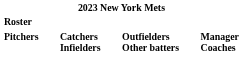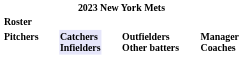 <table class="toccolours" style="font-size: 95%;">
 <tr>
 <th colspan="10">2023 New York Mets</th>
 </tr>
 <tr>
 <td colspan="10"><strong>Roster</strong></td>
 </tr>
 <tr>
 <td valign="top"><strong>Pitchers</strong><br>                                  </td>
 <td width="25px"></td>
-<td valign="top"><strong>Catchers</strong><br>     <strong>Infielders</strong>          </td>
+<td valign="top" style="background: lavender;"><strong>Catchers</strong><br>     <strong>Infielders</strong>          </td>
 <td width="25px"></td>
 <td valign="top"><strong>Outfielders</strong><br>        <strong>Other batters</strong> </td>
 <td width="25px"></td>
 <td valign="top"><strong>Manager</strong><br> <strong>Coaches</strong>                        </td>
 </tr>
 </table>
